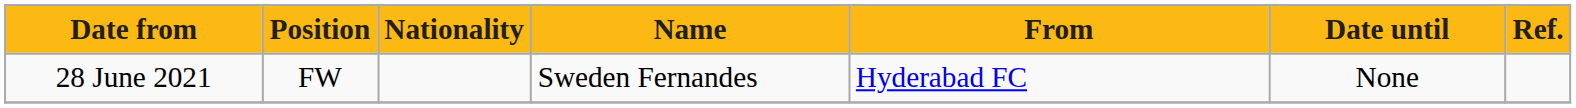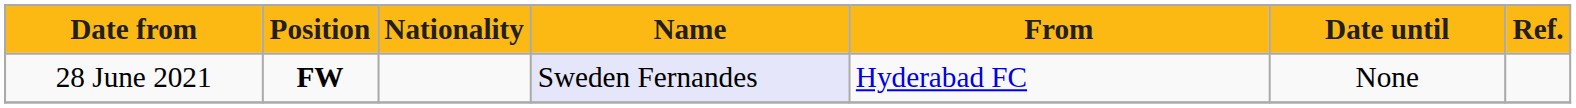 <table class="wikitable"  style="text-align:center; font-size:90%; ">
 <tr>
 <th style="background:#FDB913; color:#231F20; width:120px;">Date from</th>
 <th style="background:#FDB913; color:#231F20; width:50px;">Position</th>
 <th style="background:#FDB913; color:#231F20; width:50px;">Nationality</th>
 <th style="background:#FDB913; color:#231F20; width:150px;">Name</th>
 <th style="background:#FDB913; color:#231F20; width:200px;">From</th>
 <th style="background:#FDB913; color:#231F20; width:110px;">Date until</th>
 <th style="background:#FDB913; color:#231F20; width:25px;">Ref.</th>
 </tr>
 <tr>
 <td>28 June 2021</td>
-<td style="text-align:center;">FW</td>
+<td style="text-align:center;"><strong>FW</strong></td>
 <td style="text-align:center;"></td>
-<td style="text-align:left;">Sweden Fernandes</td>
+<td style="background: lavender; text-align:left;">Sweden Fernandes</td>
 <td style="text-align:left;"> <a href='#'>Hyderabad FC</a></td>
 <td>None</td>
 <td></td>
 </tr>
 <tr>
 </tr>
 </table>
